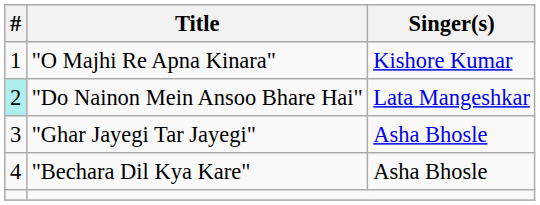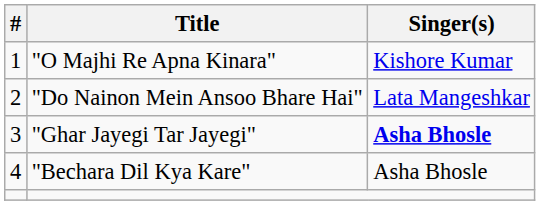 <table class="wikitable" style="font-size:95%;">
 <tr>
 <th>#</th>
 <th>Title</th>
 <th>Singer(s)</th>
 </tr>
 <tr>
 <td>1</td>
 <td>"O Majhi Re Apna Kinara"</td>
 <td><a href='#'>Kishore Kumar</a></td>
 </tr>
 <tr>
-<td style="background: paleturquoise;">2</td>
+<td>2</td>
 <td>"Do Nainon Mein Ansoo Bhare Hai"</td>
 <td><a href='#'>Lata Mangeshkar</a></td>
 </tr>
 <tr>
 <td>3</td>
 <td>"Ghar Jayegi Tar Jayegi"</td>
-<td><a href='#'>Asha Bhosle</a></td>
+<td><strong><a href='#'>Asha Bhosle</a></strong></td>
 </tr>
 <tr>
 <td>4</td>
 <td>"Bechara Dil Kya Kare"</td>
 <td>Asha Bhosle</td>
 </tr>
 <tr>
 <td></td>
 </tr>
 </table>
